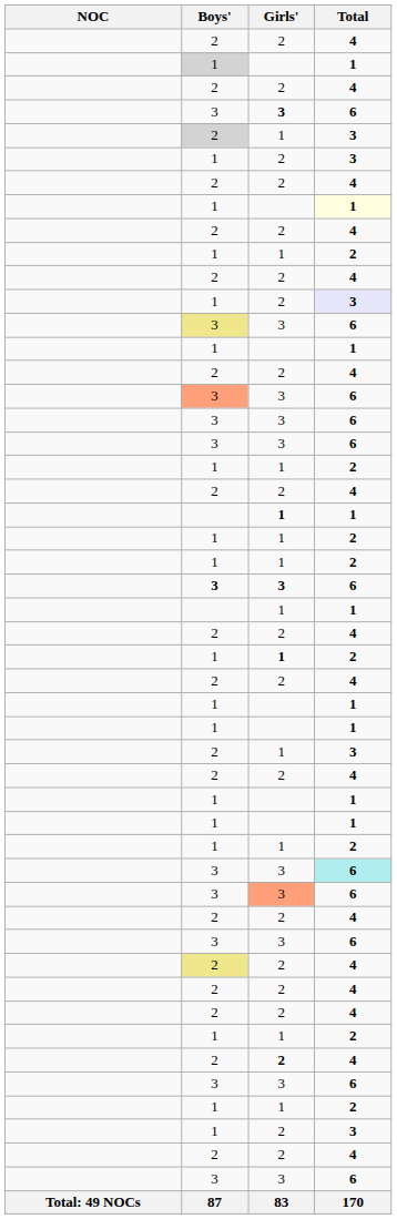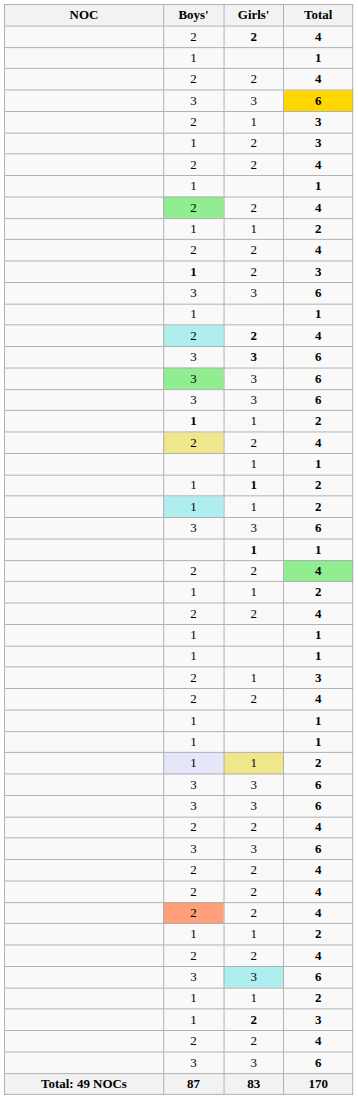 <table class="wikitable" style="text-align:center; font-size:90%">
 <tr>
 <th width=170 align="left">NOC</th>
 <th width=60>Boys'</th>
 <th width=60>Girls'</th>
 <th width=70>Total</th>
 </tr>
 <tr>
 <td align=left></td>
 <td>2</td>
-<td>2</td>
+<td><strong>2</strong></td>
 <td><strong>4</strong></td>
 </tr>
 <tr>
 <td align=left></td>
-<td style="background: lightgrey;">1</td>
+<td>1</td>
 <td></td>
 <td><strong>1</strong></td>
 </tr>
 <tr>
 <td align=left></td>
 <td>2</td>
 <td>2</td>
 <td><strong>4</strong></td>
 </tr>
 <tr>
 <td align=left></td>
 <td>3</td>
-<td><strong>3</strong></td>
-<td><strong>6</strong></td>
+<td>3</td>
+<td style="background: gold;"><strong>6</strong></td>
 </tr>
 <tr>
 <td align=left></td>
-<td style="background: lightgrey;">2</td>
+<td>2</td>
 <td>1</td>
 <td><strong>3</strong></td>
 </tr>
 <tr>
 <td align=left></td>
 <td>1</td>
 <td>2</td>
 <td><strong>3</strong></td>
 </tr>
 <tr>
 <td align=left></td>
 <td>2</td>
 <td>2</td>
 <td><strong>4</strong></td>
 </tr>
 <tr>
 <td align=left></td>
 <td>1</td>
 <td></td>
-<td style="background: lightyellow;"><strong>1</strong></td>
+<td><strong>1</strong></td>
 </tr>
 <tr>
 <td align=left></td>
-<td>2</td>
+<td style="background: lightgreen;">2</td>
 <td>2</td>
 <td><strong>4</strong></td>
 </tr>
 <tr>
 <td align=left></td>
 <td>1</td>
 <td>1</td>
 <td><strong>2</strong></td>
 </tr>
 <tr>
 <td align=left></td>
 <td>2</td>
 <td>2</td>
 <td><strong>4</strong></td>
 </tr>
 <tr>
 <td align=left></td>
-<td>1</td>
+<td><strong>1</strong></td>
 <td>2</td>
-<td style="background: lavender;"><strong>3</strong></td>
+<td><strong>3</strong></td>
 </tr>
 <tr>
 <td align=left></td>
-<td style="background: khaki;">3</td>
+<td>3</td>
 <td>3</td>
 <td><strong>6</strong></td>
 </tr>
 <tr>
 <td align=left></td>
 <td>1</td>
 <td></td>
 <td><strong>1</strong></td>
 </tr>
 <tr>
 <td align=left></td>
-<td>2</td>
-<td>2</td>
+<td style="background: paleturquoise;">2</td>
+<td><strong>2</strong></td>
 <td><strong>4</strong></td>
 </tr>
 <tr>
 <td align=left></td>
-<td style="background: lightsalmon;">3</td>
+<td>3</td>
+<td><strong>3</strong></td>
+<td><strong>6</strong></td>
+</tr>
+<tr>
+<td align=left></td>
+<td style="background: lightgreen;">3</td>
 <td>3</td>
 <td><strong>6</strong></td>
 </tr>
 <tr>
 <td align=left></td>
 <td>3</td>
 <td>3</td>
 <td><strong>6</strong></td>
 </tr>
 <tr>
 <td align=left></td>
-<td>3</td>
-<td>3</td>
-<td><strong>6</strong></td>
-</tr>
-<tr>
-<td align=left></td>
-<td>1</td>
+<td><strong>1</strong></td>
 <td>1</td>
 <td><strong>2</strong></td>
 </tr>
 <tr>
 <td align=left></td>
-<td>2</td>
+<td style="background: khaki;">2</td>
 <td>2</td>
 <td><strong>4</strong></td>
+</tr>
+<tr>
+<td align=left></td>
+<td></td>
+<td>1</td>
+<td><strong>1</strong></td>
+</tr>
+<tr>
+<td align=left></td>
+<td>1</td>
+<td><strong>1</strong></td>
+<td><strong>2</strong></td>
+</tr>
+<tr>
+<td align=left></td>
+<td style="background: paleturquoise;">1</td>
+<td>1</td>
+<td><strong>2</strong></td>
+</tr>
+<tr>
+<td align=left></td>
+<td>3</td>
+<td>3</td>
+<td><strong>6</strong></td>
 </tr>
 <tr>
 <td align=left></td>
 <td></td>
 <td><strong>1</strong></td>
 <td><strong>1</strong></td>
 </tr>
 <tr>
 <td align=left></td>
-<td>1</td>
-<td>1</td>
-<td><strong>2</strong></td>
+<td>2</td>
+<td>2</td>
+<td style="background: lightgreen;"><strong>4</strong></td>
 </tr>
 <tr>
 <td align=left></td>
 <td>1</td>
 <td>1</td>
-<td><strong>2</strong></td>
-</tr>
-<tr>
-<td align=left></td>
-<td><strong>3</strong></td>
-<td><strong>3</strong></td>
-<td><strong>6</strong></td>
-</tr>
-<tr>
-<td align=left></td>
-<td></td>
-<td>1</td>
-<td><strong>1</strong></td>
-</tr>
-<tr>
-<td align=left></td>
-<td>2</td>
-<td>2</td>
-<td><strong>4</strong></td>
-</tr>
-<tr>
-<td align=left></td>
-<td>1</td>
-<td><strong>1</strong></td>
 <td><strong>2</strong></td>
 </tr>
 <tr>
 <td align=left></td>
 <td>2</td>
 <td>2</td>
 <td><strong>4</strong></td>
 </tr>
 <tr>
 <td align=left></td>
 <td>1</td>
 <td></td>
 <td><strong>1</strong></td>
 </tr>
 <tr>
 <td align=left></td>
 <td>1</td>
 <td></td>
 <td><strong>1</strong></td>
 </tr>
 <tr>
 <td align=left></td>
 <td>2</td>
 <td>1</td>
 <td><strong>3</strong></td>
 </tr>
 <tr>
 <td align=left></td>
 <td>2</td>
 <td>2</td>
 <td><strong>4</strong></td>
 </tr>
 <tr>
 <td align=left></td>
 <td>1</td>
 <td></td>
 <td><strong>1</strong></td>
 </tr>
 <tr>
 <td align=left></td>
 <td>1</td>
 <td></td>
 <td><strong>1</strong></td>
 </tr>
 <tr>
 <td align=left></td>
-<td>1</td>
-<td>1</td>
+<td style="background: lavender;">1</td>
+<td style="background: khaki;">1</td>
 <td><strong>2</strong></td>
 </tr>
 <tr>
 <td align=left></td>
 <td>3</td>
 <td>3</td>
-<td style="background: paleturquoise;"><strong>6</strong></td>
+<td><strong>6</strong></td>
 </tr>
 <tr>
 <td align=left></td>
 <td>3</td>
-<td style="background: lightsalmon;">3</td>
+<td>3</td>
 <td><strong>6</strong></td>
 </tr>
 <tr>
 <td align=left></td>
 <td>2</td>
 <td>2</td>
 <td><strong>4</strong></td>
 </tr>
 <tr>
 <td align=left></td>
 <td>3</td>
 <td>3</td>
 <td><strong>6</strong></td>
 </tr>
 <tr>
 <td align=left></td>
-<td style="background: khaki;">2</td>
-<td>2</td>
-<td><strong>4</strong></td>
-</tr>
-<tr>
-<td align=left></td>
 <td>2</td>
 <td>2</td>
 <td><strong>4</strong></td>
 </tr>
 <tr>
 <td align=left></td>
 <td>2</td>
 <td>2</td>
 <td><strong>4</strong></td>
 </tr>
 <tr>
 <td align=left></td>
+<td style="background: lightsalmon;">2</td>
+<td>2</td>
+<td><strong>4</strong></td>
+</tr>
+<tr>
+<td align=left></td>
 <td>1</td>
 <td>1</td>
 <td><strong>2</strong></td>
 </tr>
 <tr>
 <td align=left></td>
 <td>2</td>
-<td><strong>2</strong></td>
+<td>2</td>
 <td><strong>4</strong></td>
 </tr>
 <tr>
 <td align=left></td>
 <td>3</td>
-<td>3</td>
+<td style="background: paleturquoise;">3</td>
 <td><strong>6</strong></td>
 </tr>
 <tr>
 <td align=left></td>
 <td>1</td>
 <td>1</td>
 <td><strong>2</strong></td>
 </tr>
 <tr>
 <td align=left></td>
 <td>1</td>
-<td>2</td>
+<td><strong>2</strong></td>
 <td><strong>3</strong></td>
 </tr>
 <tr>
 <td align=left></td>
 <td>2</td>
 <td>2</td>
 <td><strong>4</strong></td>
 </tr>
 <tr>
 <td align=left></td>
 <td>3</td>
 <td>3</td>
 <td><strong>6</strong></td>
 </tr>
 <tr>
 <th>Total: 49 NOCs</th>
 <th>87</th>
 <th>83</th>
 <th>170</th>
 </tr>
 </table>
